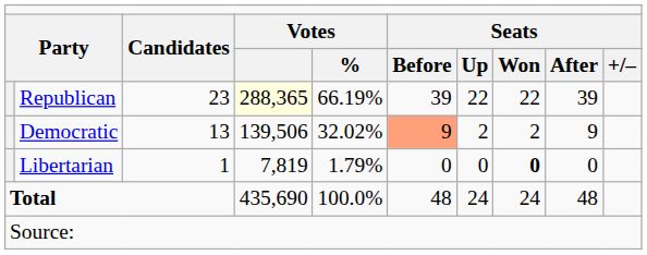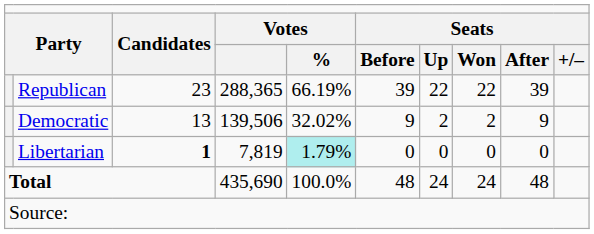 <table class="wikitable">
 <tr>
 <td colspan=15 align=center></td>
 </tr>
 <tr>
 <th rowspan="2" colspan="2">Party</th>
 <th rowspan="2">Candidates</th>
 <th colspan="2">Votes</th>
 <th colspan="5">Seats</th>
 </tr>
 <tr>
 <th></th>
 <th>%</th>
 <th>Before</th>
 <th>Up</th>
 <th>Won</th>
 <th>After</th>
 <th>+/–</th>
 </tr>
 <tr>
 <th style="background-color:"></th>
 <td><a href='#'>Republican</a></td>
 <td align="right">23</td>
-<td align="right" style="background: lightyellow;">288,365</td>
+<td align="right">288,365</td>
 <td align="right">66.19%</td>
 <td align="right">39</td>
 <td align="right">22</td>
 <td align="right">22</td>
 <td align="right">39</td>
 <td align="right"></td>
 </tr>
 <tr>
 <th style="background-color:"></th>
 <td><a href='#'>Democratic</a></td>
 <td align="right">13</td>
 <td align="right">139,506</td>
 <td align="right">32.02%</td>
-<td align="right" style="background: lightsalmon;">9</td>
+<td align="right">9</td>
 <td align="right">2</td>
 <td align="right">2</td>
 <td align="right">9</td>
 <td align="right"></td>
 </tr>
 <tr>
 <th style="background-color:"></th>
 <td><a href='#'>Libertarian</a></td>
-<td align="right">1</td>
+<td align="right"><strong>1</strong></td>
 <td align="right">7,819</td>
-<td align="right">1.79%</td>
+<td align="right" style="background: paleturquoise;">1.79%</td>
 <td align="right">0</td>
 <td align="right">0</td>
-<td align="right"><strong>0</strong></td>
+<td align="right">0</td>
 <td align="right">0</td>
 <td align="right"></td>
 </tr>
 <tr>
 <td colspan="3" align="left"><strong>Total</strong></td>
 <td align="right">435,690</td>
 <td align="right">100.0%</td>
 <td align="right">48</td>
 <td align="right">24</td>
 <td align="right">24</td>
 <td align="right">48</td>
 <td align="right"></td>
 </tr>
 <tr>
 <td colspan="10">Source: </td>
 </tr>
 </table>
